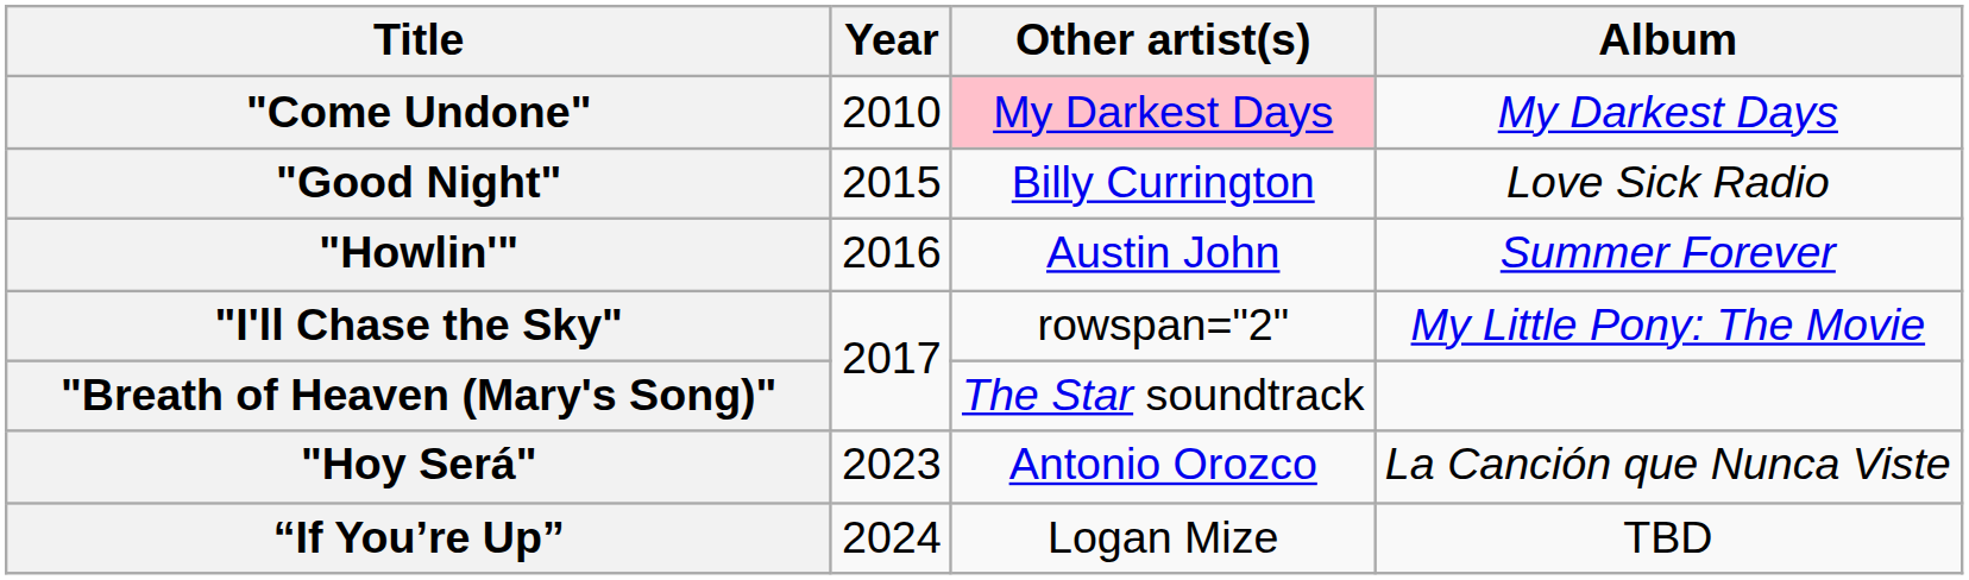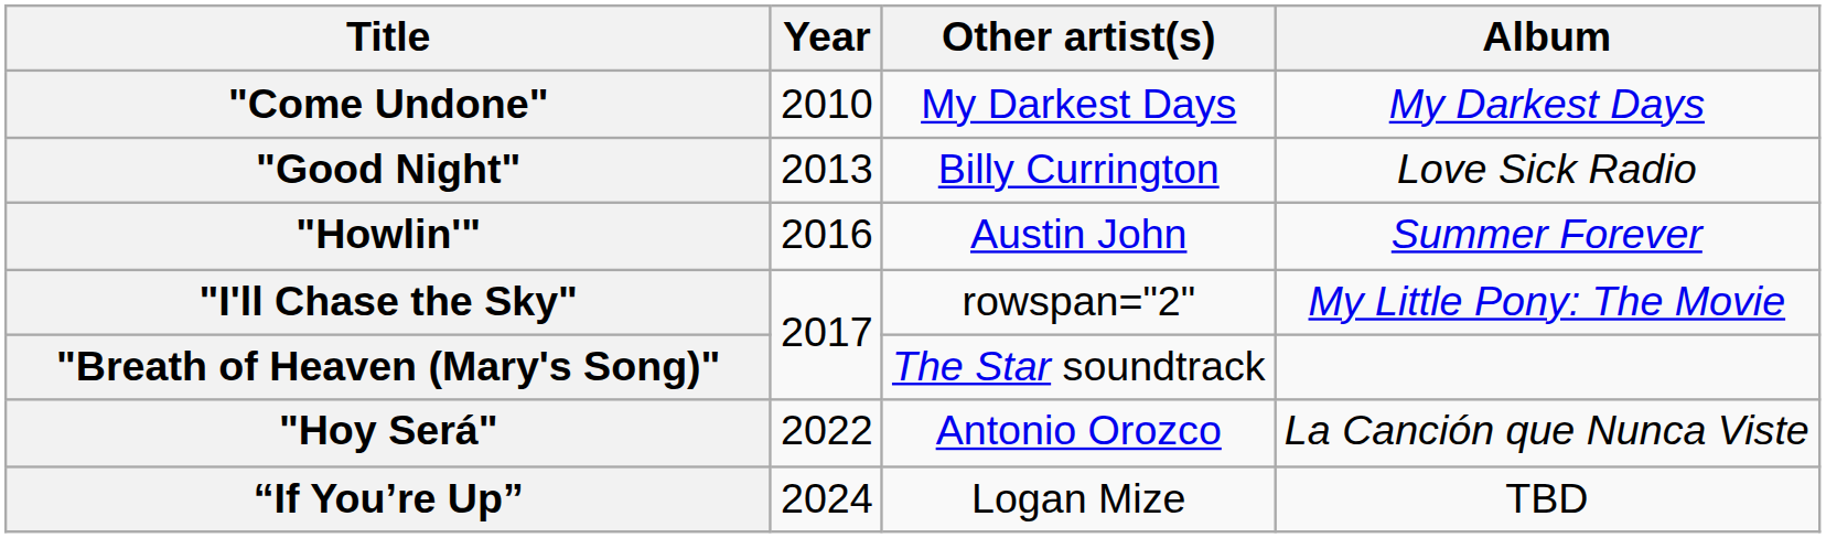 <table class="wikitable plainrowheaders" style="text-align:center;">
 <tr>
 <th scope="col" style="width:18em;">Title</th>
 <th scope="col">Year</th>
 <th scope="col">Other artist(s)</th>
 <th scope="col">Album</th>
 </tr>
 <tr>
 <th scope="row">"Come Undone"</th>
 <td>2010</td>
-<td style="background: pink;"><a href='#'>My Darkest Days</a></td>
+<td><a href='#'>My Darkest Days</a></td>
 <td><em><a href='#'>My Darkest Days</a></em></td>
 </tr>
 <tr>
 <th scope="row">"Good Night"</th>
-<td>2015</td>
+<td>2013</td>
 <td><a href='#'>Billy Currington</a></td>
 <td><em>Love Sick Radio</em></td>
 </tr>
 <tr>
 <th scope="row">"Howlin'"</th>
 <td>2016</td>
 <td><a href='#'>Austin John</a></td>
 <td><em><a href='#'>Summer Forever</a></em></td>
 </tr>
 <tr>
 <th scope="row">"I'll Chase the Sky"</th>
 <td rowspan="2">2017</td>
 <td>rowspan="2" </td>
 <td><em><a href='#'>My Little Pony: The Movie</a></em></td>
 </tr>
 <tr>
 <th scope="row">"Breath of Heaven (Mary's Song)"</th>
 <td><em><a href='#'>The Star</a></em> soundtrack</td>
 </tr>
 <tr>
 <th scope="row">"Hoy Será"</th>
-<td>2023</td>
+<td>2022</td>
 <td><a href='#'>Antonio Orozco</a></td>
 <td><em>La Canción que Nunca Viste</em></td>
 </tr>
 <tr>
 <th scope="row">“If You’re Up”</th>
 <td>2024</td>
 <td>Logan Mize</td>
 <td>TBD</td>
 </tr>
 </table>
